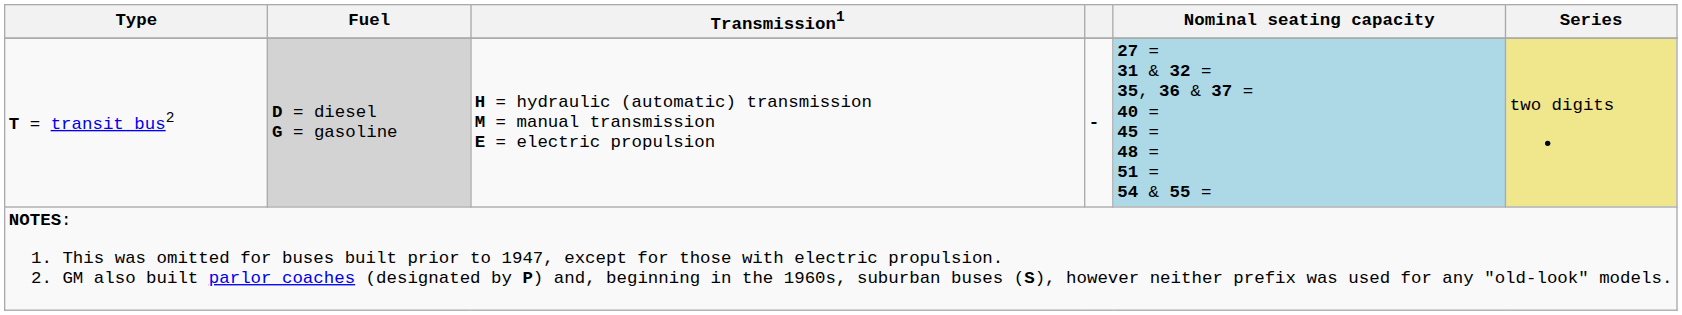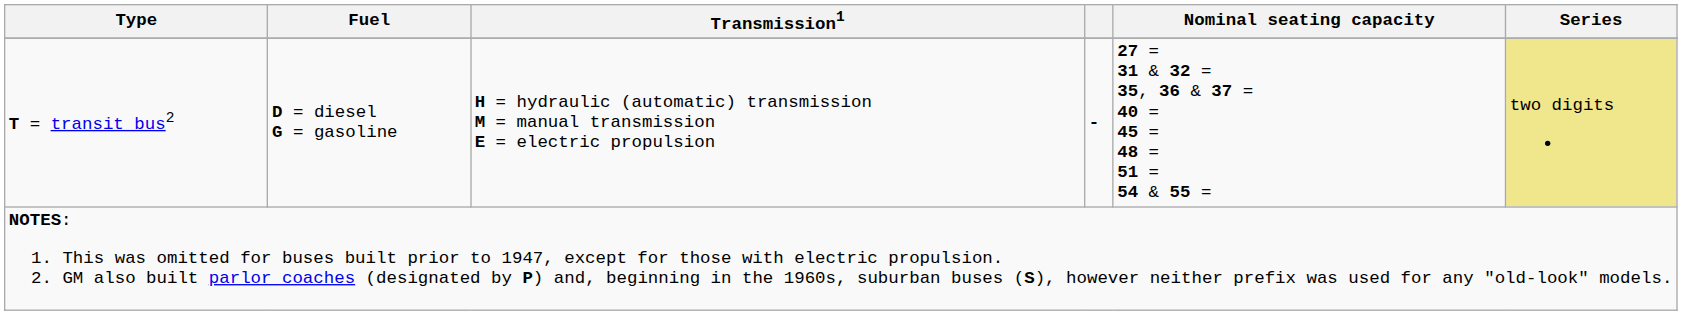 <table class="wikitable">
 <tr>
 <th>Type</th>
 <th>Fuel</th>
 <th>Transmission<sup>1</sup></th>
 <th></th>
 <th>Nominal seating capacity</th>
 <th>Series</th>
 </tr>
 <tr>
 </tr>
 <tr>
 <td><strong>T</strong> = <a href='#'>transit bus</a><sup>2</sup></td>
-<td nowrap style="background: lightgrey;"><strong>D</strong> = diesel<br><strong>G</strong> = gasoline</td>
+<td nowrap><strong>D</strong> = diesel<br><strong>G</strong> = gasoline</td>
 <td><strong>H</strong> = hydraulic (automatic) transmission<br><strong>M</strong> = manual transmission<br><strong>E</strong> = electric propulsion</td>
 <td><strong>-</strong></td>
-<td nowrap style="background: lightblue;"><strong>27</strong> = <br><strong>31</strong> & <strong>32</strong> = <br><strong>35</strong>, <strong>36</strong> & <strong>37</strong> = <br><strong>40</strong> = <br><strong>45</strong> = <br><strong>48</strong> = <br><strong>51</strong> = <br><strong>54</strong> & <strong>55</strong> = </td>
+<td nowrap><strong>27</strong> = <br><strong>31</strong> & <strong>32</strong> = <br><strong>35</strong>, <strong>36</strong> & <strong>37</strong> = <br><strong>40</strong> = <br><strong>45</strong> = <br><strong>48</strong> = <br><strong>51</strong> = <br><strong>54</strong> & <strong>55</strong> = </td>
 <td nowrap style="background: khaki;"><br>two digits<ul><li></li></ul></td>
 </tr>
 <tr>
 <td colspan=6><strong>NOTES</strong>:<br><ol><li>This was omitted for buses built prior to 1947, except for those with electric propulsion.</li><li>GM also built <a href='#'>parlor coaches</a> (designated by <strong>P</strong>) and, beginning in the 1960s, suburban buses (<strong>S</strong>), however neither prefix was used for any "old-look" models.</li></ol></td>
 </tr>
 </table>
